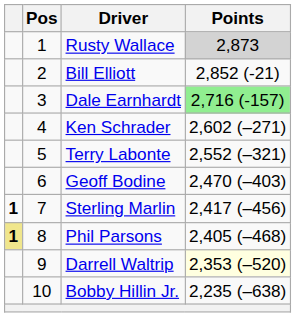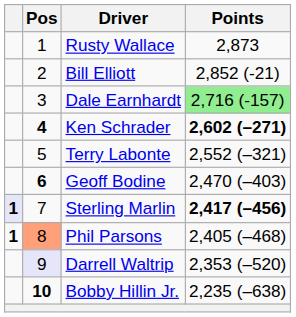 <table class="wikitable" style="font-size: 95%;">
 <tr>
 <th></th>
 <th>Pos</th>
 <th>Driver</th>
 <th>Points</th>
 </tr>
 <tr>
 <td align="left"></td>
 <td style="text-align:center;">1</td>
 <td><a href='#'>Rusty Wallace</a></td>
-<td style="background: lightgrey; text-align:center;">2,873</td>
+<td style="text-align:center;">2,873</td>
 </tr>
 <tr>
 <td align="left"></td>
 <td style="text-align:center;">2</td>
 <td><a href='#'>Bill Elliott</a></td>
 <td style="text-align:center;">2,852 (-21)</td>
 </tr>
 <tr>
 <td align="left"></td>
 <td style="text-align:center;">3</td>
 <td><a href='#'>Dale Earnhardt</a></td>
 <td style="background: lightgreen; text-align:center;">2,716 (-157)</td>
 </tr>
 <tr>
 <td align="left"></td>
-<td style="text-align:center;">4</td>
+<td style="text-align:center;"><strong>4</strong></td>
 <td><a href='#'>Ken Schrader</a></td>
-<td style="text-align:center;">2,602 (–271)</td>
+<td style="text-align:center;"><strong>2,602 (–271)</strong></td>
 </tr>
 <tr>
 <td align="left"></td>
 <td style="text-align:center;">5</td>
 <td><a href='#'>Terry Labonte</a></td>
 <td style="text-align:center;">2,552 (–321)</td>
 </tr>
 <tr>
 <td align="left"></td>
-<td style="text-align:center;">6</td>
+<td style="text-align:center;"><strong>6</strong></td>
 <td><a href='#'>Geoff Bodine</a></td>
 <td style="text-align:center;">2,470 (–403)</td>
 </tr>
 <tr>
-<td align="left">  <strong>1</strong></td>
+<td align="left" style="background: lavender;">  <strong>1</strong></td>
 <td style="text-align:center;">7</td>
 <td><a href='#'>Sterling Marlin</a></td>
-<td style="text-align:center;">2,417 (–456)</td>
+<td style="text-align:center;"><strong>2,417 (–456)</strong></td>
 </tr>
 <tr>
-<td align="left" style="background: khaki;">  <strong>1</strong></td>
-<td style="text-align:center;">8</td>
+<td align="left">  <strong>1</strong></td>
+<td style="background: lightsalmon; text-align:center;">8</td>
 <td><a href='#'>Phil Parsons</a></td>
 <td style="text-align:center;">2,405 (–468)</td>
 </tr>
 <tr>
 <td align="left"></td>
-<td style="text-align:center;">9</td>
+<td style="background: lavender; text-align:center;">9</td>
 <td><a href='#'>Darrell Waltrip</a></td>
-<td style="background: lightyellow; text-align:center;">2,353 (–520)</td>
+<td style="text-align:center;">2,353 (–520)</td>
 </tr>
 <tr>
 <td align="left"></td>
-<td style="text-align:center;">10</td>
+<td style="text-align:center;"><strong>10</strong></td>
 <td><a href='#'>Bobby Hillin Jr.</a></td>
 <td style="text-align:center;">2,235 (–638)</td>
 </tr>
 <tr class="sortbottom">
 <th colspan="9"></th>
 </tr>
 </table>
